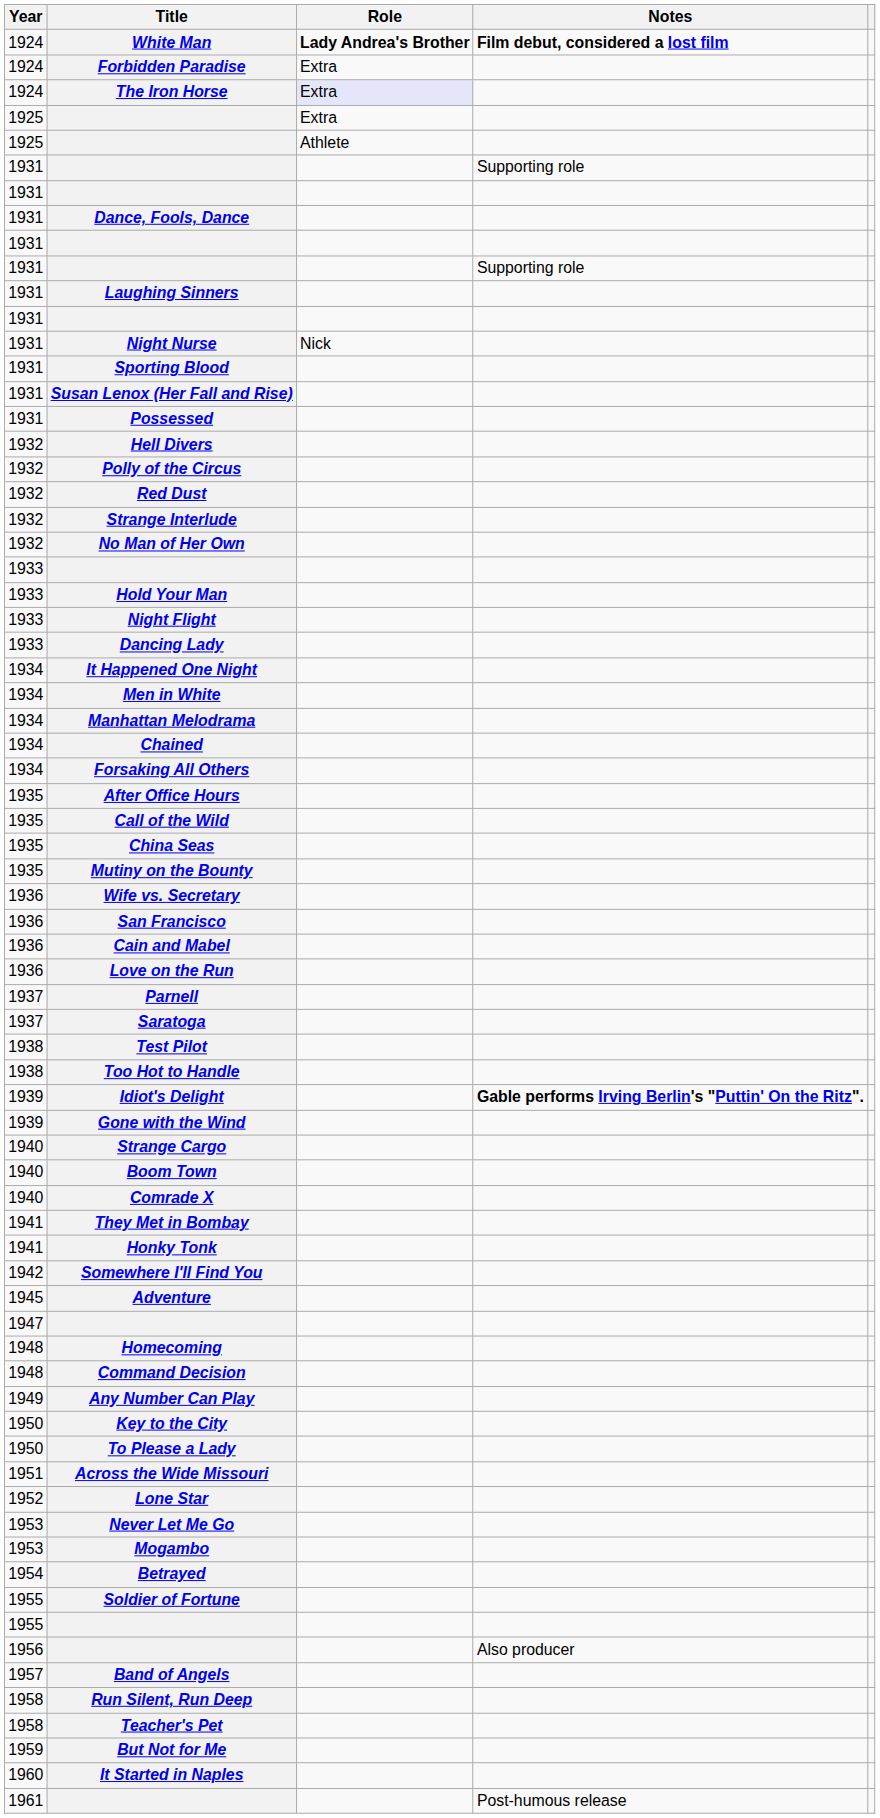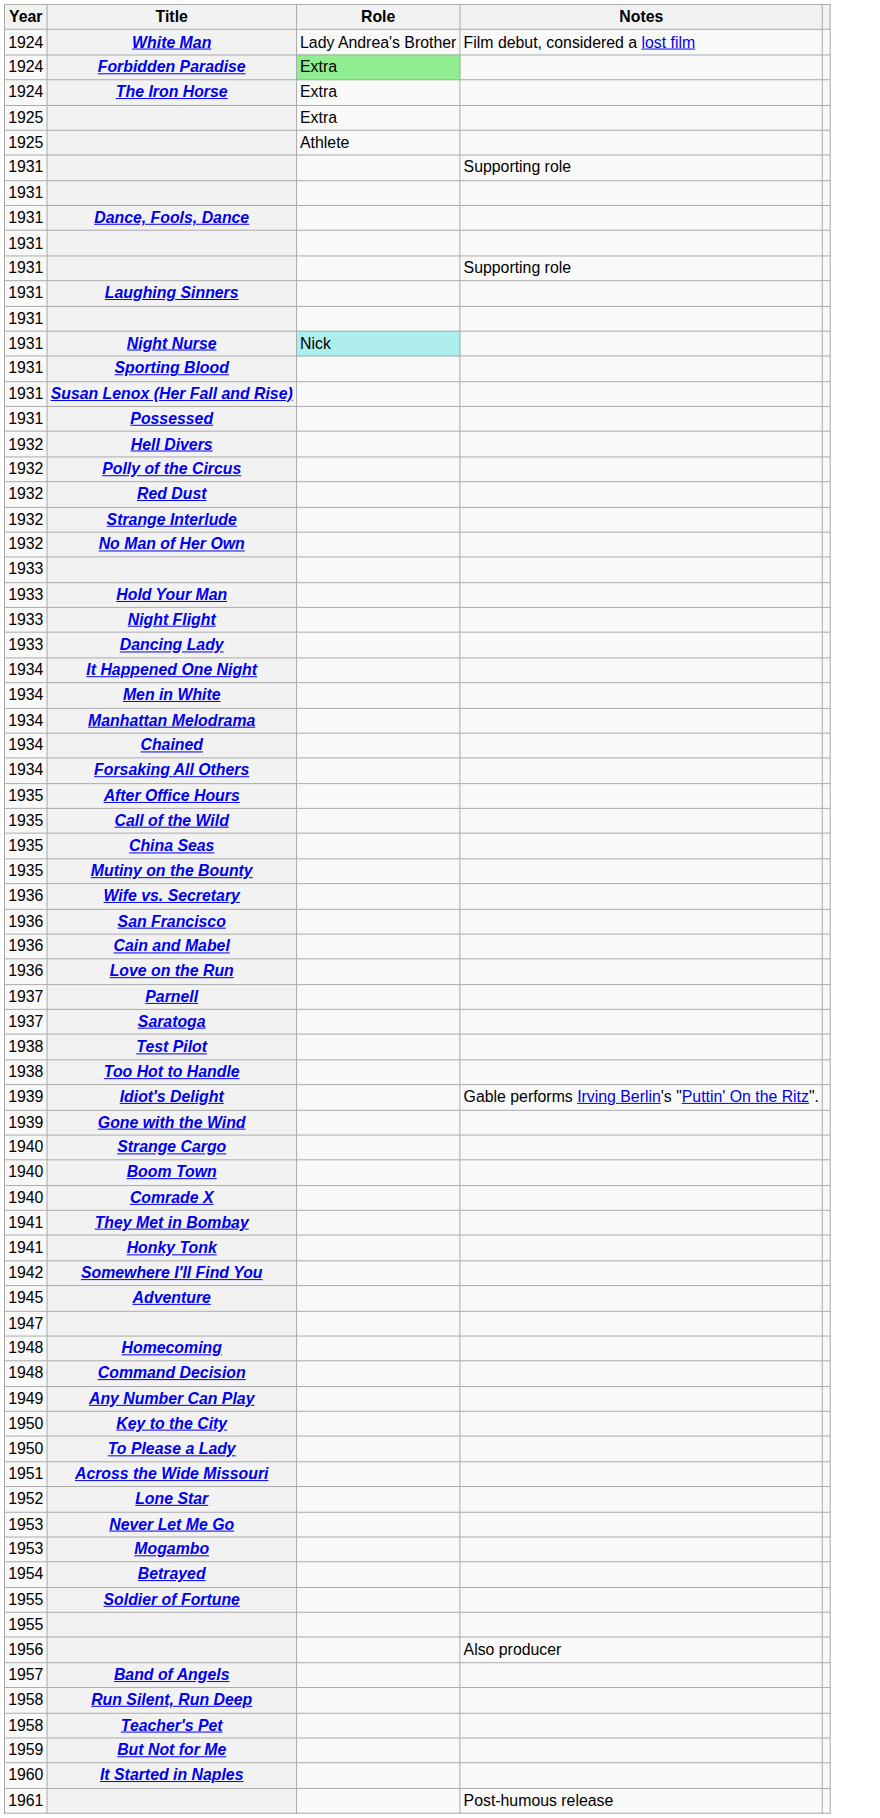 <table class="wikitable plainrowheaders sortable">
 <tr style="background:#ccc; text-align:center;">
 <th scope="col">Year</th>
 <th scope="col">Title</th>
 <th scope="col">Role</th>
 <th scope="col" class="unsortable">Notes</th>
 <th scope="col" class="unsortable"></th>
 </tr>
 <tr>
 <td>1924</td>
 <th scope=row><em><a href='#'>White Man</a></em></th>
-<td><strong>Lady Andrea's Brother</strong></td>
-<td><strong>Film debut, considered a <a href='#'>lost film</a></strong></td>
+<td>Lady Andrea's Brother</td>
+<td>Film debut, considered a <a href='#'>lost film</a></td>
 <td style="text-align:center;"></td>
 </tr>
 <tr>
 <td>1924</td>
 <th scope=row><em><a href='#'>Forbidden Paradise</a></em></th>
-<td>Extra</td>
+<td style="background: lightgreen;">Extra</td>
 <td></td>
 <td style="text-align:center;"></td>
 </tr>
 <tr>
 <td>1924</td>
 <th scope=row><em><a href='#'>The Iron Horse</a></em></th>
-<td style="background: lavender;">Extra</td>
+<td>Extra</td>
 <td></td>
 <td style="text-align:center;"></td>
 </tr>
 <tr>
 <td>1925</td>
 <th scope=row></th>
 <td>Extra</td>
 <td></td>
 <td style="text-align:center;"></td>
 </tr>
 <tr>
 <td>1925</td>
 <th scope=row></th>
 <td>Athlete</td>
 <td></td>
 <td style="text-align:center;"></td>
 </tr>
 <tr>
 <td>1931</td>
 <th scope=row></th>
 <td></td>
 <td>Supporting role</td>
 <td style="text-align:center;"></td>
 </tr>
 <tr>
 <td>1931</td>
 <th scope=row></th>
 <td></td>
 <td></td>
 <td style="text-align:center;"></td>
 </tr>
 <tr>
 <td>1931</td>
 <th scope=row><em><a href='#'>Dance, Fools, Dance</a></em></th>
 <td></td>
 <td style="text-align:center;"></td>
 </tr>
 <tr>
 <td>1931</td>
 <th scope=row></th>
 <td></td>
 <td></td>
 <td style="text-align:center;"></td>
 </tr>
 <tr>
 <td>1931</td>
 <th scope=row></th>
 <td></td>
 <td>Supporting role</td>
 <td style="text-align:center;"></td>
 </tr>
 <tr>
 <td>1931</td>
 <th scope=row><em><a href='#'>Laughing Sinners</a></em></th>
 <td></td>
 <td></td>
 <td style="text-align:center;"></td>
 </tr>
 <tr>
 <td>1931</td>
 <th scope=row></th>
 <td></td>
 <td></td>
 <td style="text-align:center;"></td>
 </tr>
 <tr>
 <td>1931</td>
 <th scope=row><em><a href='#'>Night Nurse</a></em></th>
-<td>Nick</td>
+<td style="background: paleturquoise;">Nick</td>
 <td></td>
 <td style="text-align:center;"></td>
 </tr>
 <tr>
 <td>1931</td>
 <th scope=row><em><a href='#'>Sporting Blood</a></em></th>
 <td></td>
 <td></td>
 <td style="text-align:center;"></td>
 </tr>
 <tr>
 <td>1931</td>
 <th scope=row><em><a href='#'>Susan Lenox (Her Fall and Rise)</a></em></th>
 <td></td>
 <td></td>
 <td style="text-align:center;"></td>
 </tr>
 <tr>
 <td>1931</td>
 <th scope=row><em><a href='#'>Possessed</a></em></th>
 <td></td>
 <td></td>
 </tr>
 <tr>
 <td>1932</td>
 <th scope=row><em><a href='#'>Hell Divers</a></em></th>
 <td></td>
 <td></td>
 <td style="text-align:center;"></td>
 </tr>
 <tr>
 <td>1932</td>
 <th scope=row><em><a href='#'>Polly of the Circus</a></em></th>
 <td></td>
 <td></td>
 <td style="text-align:center;"></td>
 </tr>
 <tr>
 <td>1932</td>
 <th scope=row><em><a href='#'>Red Dust</a></em></th>
 <td></td>
 <td></td>
 <td style="text-align:center;"></td>
 </tr>
 <tr>
 <td>1932</td>
 <th scope=row><em><a href='#'>Strange Interlude</a></em></th>
 <td></td>
 <td></td>
 <td style="text-align:center;"></td>
 </tr>
 <tr>
 <td>1932</td>
 <th scope=row><em><a href='#'>No Man of Her Own</a></em></th>
 <td></td>
 <td></td>
 <td style="text-align:center;"></td>
 </tr>
 <tr>
 <td>1933</td>
 <th scope=row></th>
 <td></td>
 <td></td>
 <td style="text-align:center;"></td>
 </tr>
 <tr>
 <td>1933</td>
 <th scope=row><em><a href='#'>Hold Your Man</a></em></th>
 <td></td>
 <td></td>
 <td style="text-align:center;"></td>
 </tr>
 <tr>
 <td>1933</td>
 <th scope=row><em><a href='#'>Night Flight</a></em></th>
 <td></td>
 <td></td>
 <td style="text-align:center;"></td>
 </tr>
 <tr>
 <td>1933</td>
 <th scope=row><em><a href='#'>Dancing Lady</a></em></th>
 <td></td>
 <td></td>
 <td style="text-align:center;"></td>
 </tr>
 <tr>
 <td>1934</td>
 <th scope=row><em><a href='#'>It Happened One Night</a></em></th>
 <td></td>
 <td></td>
 <td style="text-align:center;"></td>
 </tr>
 <tr>
 <td>1934</td>
 <th scope=row><em><a href='#'>Men in White</a></em></th>
 <td></td>
 <td></td>
 <td style="text-align:center;"></td>
 </tr>
 <tr>
 <td>1934</td>
 <th scope=row><em><a href='#'>Manhattan Melodrama</a></em></th>
 <td></td>
 <td></td>
 <td style="text-align:center;"></td>
 </tr>
 <tr>
 <td>1934</td>
 <th scope=row><em><a href='#'>Chained</a></em></th>
 <td></td>
 <td></td>
 <td style="text-align:center;"></td>
 </tr>
 <tr>
 <td>1934</td>
 <th scope=row><em><a href='#'>Forsaking All Others</a></em></th>
 <td></td>
 <td></td>
 <td style="text-align:center;"></td>
 </tr>
 <tr>
 <td>1935</td>
 <th scope=row><em><a href='#'>After Office Hours</a></em></th>
 <td></td>
 <td></td>
 <td style="text-align:center;"></td>
 </tr>
 <tr>
 <td>1935</td>
 <th scope=row><em><a href='#'>Call of the Wild</a></em></th>
 <td></td>
 <td></td>
 <td style="text-align:center;"></td>
 </tr>
 <tr>
 <td>1935</td>
 <th scope=row><em><a href='#'>China Seas</a></em></th>
 <td></td>
 <td></td>
 <td style="text-align:center;"></td>
 </tr>
 <tr>
 <td>1935</td>
 <th scope=row><em><a href='#'>Mutiny on the Bounty</a></em></th>
 <td></td>
 <td></td>
 <td style="text-align:center;"></td>
 </tr>
 <tr>
 <td>1936</td>
 <th scope=row><em><a href='#'>Wife vs. Secretary</a></em></th>
 <td></td>
 <td></td>
 <td style="text-align:center;"></td>
 </tr>
 <tr>
 <td>1936</td>
 <th scope=row><em><a href='#'>San Francisco</a></em></th>
 <td></td>
 <td></td>
 <td style="text-align:center;"></td>
 </tr>
 <tr>
 <td>1936</td>
 <th scope=row><em><a href='#'>Cain and Mabel</a></em></th>
 <td></td>
 <td></td>
 <td style="text-align:center;"></td>
 </tr>
 <tr>
 <td>1936</td>
 <th scope=row><em><a href='#'>Love on the Run</a></em></th>
 <td></td>
 <td></td>
 <td style="text-align:center;"></td>
 </tr>
 <tr>
 <td>1937</td>
 <th scope=row><em><a href='#'>Parnell</a></em></th>
 <td></td>
 <td></td>
 <td style="text-align:center;"></td>
 </tr>
 <tr>
 <td>1937</td>
 <th scope=row><em><a href='#'>Saratoga</a></em></th>
 <td></td>
 <td></td>
 <td style="text-align:center;"></td>
 </tr>
 <tr>
 <td>1938</td>
 <th scope=row><em><a href='#'>Test Pilot</a></em></th>
 <td></td>
 <td></td>
 <td style="text-align:center;"></td>
 </tr>
 <tr>
 <td>1938</td>
 <th scope=row><em><a href='#'>Too Hot to Handle</a></em></th>
 <td></td>
 <td></td>
 <td style="text-align:center;"></td>
 </tr>
 <tr>
 <td>1939</td>
 <th scope=row><em><a href='#'>Idiot's Delight</a></em></th>
 <td></td>
-<td><strong>Gable performs <a href='#'>Irving Berlin</a>'s "<a href='#'>Puttin' On the Ritz</a>".</strong></td>
+<td>Gable performs <a href='#'>Irving Berlin</a>'s "<a href='#'>Puttin' On the Ritz</a>".</td>
 <td style="text-align:center;"></td>
 </tr>
 <tr>
 <td>1939</td>
 <th scope=row><em><a href='#'>Gone with the Wind</a></em></th>
 <td></td>
 <td></td>
 <td style="text-align:center;"></td>
 </tr>
 <tr>
 <td>1940</td>
 <th scope=row><em><a href='#'>Strange Cargo</a></em></th>
 <td></td>
 <td></td>
 <td style="text-align:center;"></td>
 </tr>
 <tr>
 <td>1940</td>
 <th scope=row><em><a href='#'>Boom Town</a></em></th>
 <td></td>
 <td></td>
 <td style="text-align:center;"></td>
 </tr>
 <tr>
 <td>1940</td>
 <th scope=row><em><a href='#'>Comrade X</a></em></th>
 <td></td>
 <td></td>
 <td style="text-align:center;"></td>
 </tr>
 <tr>
 <td>1941</td>
 <th scope=row><em><a href='#'>They Met in Bombay</a></em></th>
 <td></td>
 <td></td>
 <td style="text-align:center;"></td>
 </tr>
 <tr>
 <td>1941</td>
 <th scope=row><em><a href='#'>Honky Tonk</a></em></th>
 <td></td>
 <td></td>
 <td style="text-align:center;"></td>
 </tr>
 <tr>
 <td>1942</td>
 <th scope=row><em><a href='#'>Somewhere I'll Find You</a></em></th>
 <td></td>
 <td></td>
 <td style="text-align:center;"></td>
 </tr>
 <tr>
 <td>1945</td>
 <th scope=row><em><a href='#'>Adventure</a></em></th>
 <td></td>
 <td></td>
 <td style="text-align:center;"></td>
 </tr>
 <tr>
 <td>1947</td>
 <th scope=row></th>
 <td></td>
 <td></td>
 <td style="text-align:center;"></td>
 </tr>
 <tr>
 <td>1948</td>
 <th scope=row><em><a href='#'>Homecoming</a></em></th>
 <td></td>
 <td></td>
 <td style="text-align:center;"></td>
 </tr>
 <tr>
 <td>1948</td>
 <th scope=row><em><a href='#'>Command Decision</a></em></th>
 <td></td>
 <td></td>
 <td style="text-align:center;"></td>
 </tr>
 <tr>
 <td>1949</td>
 <th scope=row><em><a href='#'>Any Number Can Play</a></em></th>
 <td></td>
 <td></td>
 <td style="text-align:center;"></td>
 </tr>
 <tr>
 <td>1950</td>
 <th scope=row><em><a href='#'>Key to the City</a></em></th>
 <td></td>
 <td></td>
 <td style="text-align:center;"></td>
 </tr>
 <tr>
 <td>1950</td>
 <th scope=row><em><a href='#'>To Please a Lady</a></em></th>
 <td></td>
 <td></td>
 <td style="text-align:center;"></td>
 </tr>
 <tr>
 <td>1951</td>
 <th scope=row><em><a href='#'>Across the Wide Missouri</a></em></th>
 <td></td>
 <td></td>
 <td style="text-align:center;"></td>
 </tr>
 <tr>
 <td>1952</td>
 <th scope=row><em><a href='#'>Lone Star</a></em></th>
 <td></td>
 <td></td>
 <td style="text-align:center;"></td>
 </tr>
 <tr>
 <td>1953</td>
 <th scope=row><em><a href='#'>Never Let Me Go</a></em></th>
 <td></td>
 <td></td>
 <td style="text-align:center;"></td>
 </tr>
 <tr>
 <td>1953</td>
 <th scope=row><em><a href='#'>Mogambo</a></em></th>
 <td></td>
 <td></td>
 <td style="text-align:center;"></td>
 </tr>
 <tr>
 <td>1954</td>
 <th scope=row><em><a href='#'>Betrayed</a></em></th>
 <td></td>
 <td></td>
 <td style="text-align:center;"></td>
 </tr>
 <tr>
 <td>1955</td>
 <th scope=row><em><a href='#'>Soldier of Fortune</a></em></th>
 <td></td>
 <td></td>
 <td style="text-align:center;"></td>
 </tr>
 <tr>
 <td>1955</td>
 <th scope=row></th>
 <td></td>
 <td></td>
 <td style="text-align:center;"></td>
 </tr>
 <tr>
 <td>1956</td>
 <th scope=row></th>
 <td></td>
 <td>Also producer</td>
 <td style="text-align:center;"></td>
 </tr>
 <tr>
 <td>1957</td>
 <th scope=row><em><a href='#'>Band of Angels</a></em></th>
 <td></td>
 <td></td>
 <td style="text-align:center;"></td>
 </tr>
 <tr>
 <td>1958</td>
 <th scope=row><em><a href='#'>Run Silent, Run Deep</a></em></th>
 <td></td>
 <td></td>
 <td style="text-align:center;"></td>
 </tr>
 <tr>
 <td>1958</td>
 <th scope=row><em><a href='#'>Teacher's Pet</a></em></th>
 <td></td>
 <td></td>
 <td style="text-align:center;"></td>
 </tr>
 <tr>
 <td>1959</td>
 <th scope=row><em><a href='#'>But Not for Me</a></em></th>
 <td></td>
 <td></td>
 <td style="text-align:center;"></td>
 </tr>
 <tr>
 <td>1960</td>
 <th scope=row><em><a href='#'>It Started in Naples</a></em></th>
 <td></td>
 <td></td>
 <td style="text-align:center;"></td>
 </tr>
 <tr>
 <td>1961</td>
 <th scope=row></th>
 <td></td>
 <td>Post-humous release</td>
 <td style="text-align:center;"></td>
 </tr>
 </table>
